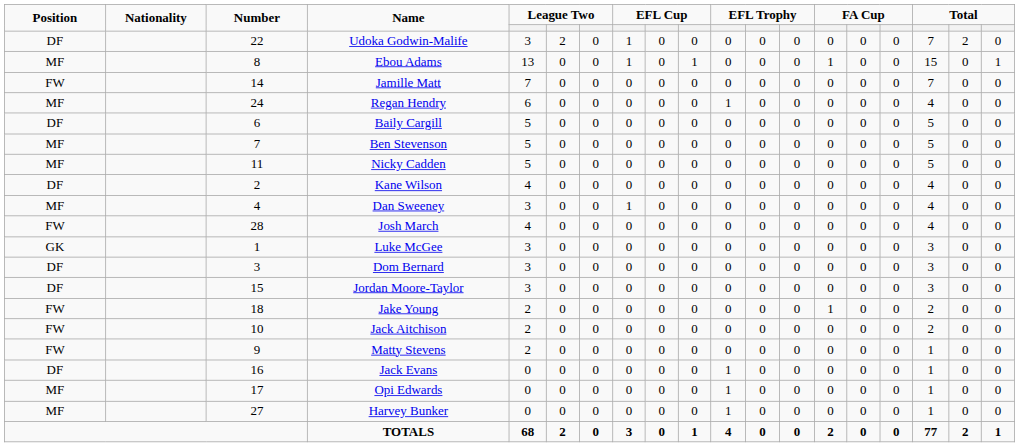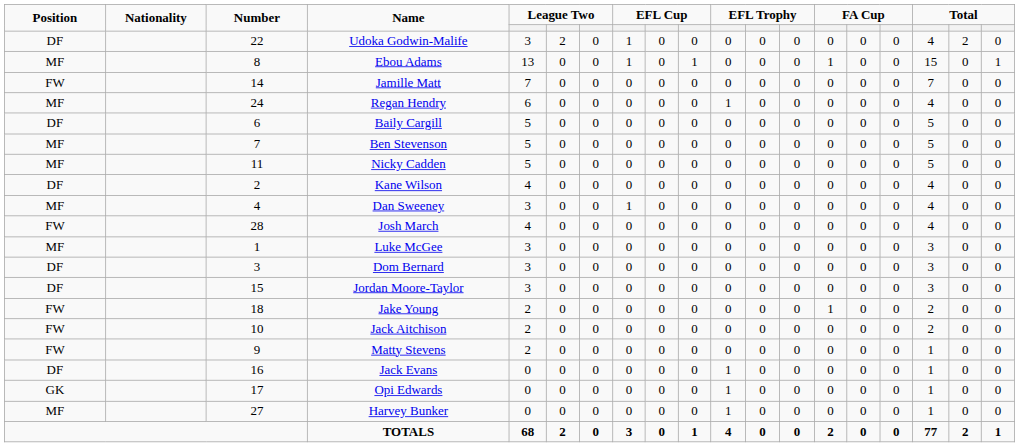 <table class="wikitable" style="font-size: 100%; text-align: center;">
 <tr>
 <td rowspan="2" width="10%" align="center"><strong>Position</strong></td>
 <td rowspan="2" width="10%" align="center"><strong>Nationality</strong></td>
 <td rowspan="2" width="10%" align="center"><strong>Number</strong></td>
 <td rowspan="2" width="20%" align="center"><strong>Name</strong></td>
 <td colspan="3" align="center"><strong>League Two</strong></td>
 <td colspan="3" align="center"><strong>EFL Cup</strong></td>
 <td colspan="3" align="center"><strong>EFL Trophy</strong></td>
 <td colspan="3" align="center"><strong>FA Cup</strong></td>
 <td colspan="3" align="center"><strong>Total</strong></td>
 </tr>
 <tr>
 <th width=60 style="background:"></th>
 <th width=60 style="background:"></th>
 <th width=60 style="background:"></th>
 <th width=60 style="background:"></th>
 <th width=60 style="background:"></th>
 <th width=60 style="background:"></th>
 <th width=60 style="background:"></th>
 <th width=60 style="background:"></th>
 <th width=60 style="background:"></th>
 <th width=60 style="background:"></th>
 <th width=60 style="background:"></th>
 <th width=60 style="background:"></th>
 <th width=60 style="background:"></th>
 <th width=60 style="background:"></th>
 <th width=60 style="background:"></th>
 </tr>
 <tr>
 <td>DF</td>
 <td></td>
 <td>22</td>
 <td><a href='#'>Udoka Godwin-Malife</a></td>
 <td>3</td>
 <td>2</td>
 <td>0</td>
 <td>1</td>
 <td>0</td>
 <td>0</td>
 <td>0</td>
 <td>0</td>
 <td>0</td>
 <td>0</td>
 <td>0</td>
 <td>0</td>
-<td>7</td>
+<td>4</td>
 <td>2</td>
 <td>0</td>
 </tr>
 <tr>
 <td>MF</td>
 <td></td>
 <td>8</td>
 <td><a href='#'>Ebou Adams</a></td>
 <td>13</td>
 <td>0</td>
 <td>0</td>
 <td>1</td>
 <td>0</td>
 <td>1</td>
 <td>0</td>
 <td>0</td>
 <td>0</td>
 <td>1</td>
 <td>0</td>
 <td>0</td>
 <td>15</td>
 <td>0</td>
 <td>1</td>
 </tr>
 <tr>
 <td>FW</td>
 <td></td>
 <td>14</td>
 <td><a href='#'>Jamille Matt</a></td>
 <td>7</td>
 <td>0</td>
 <td>0</td>
 <td>0</td>
 <td>0</td>
 <td>0</td>
 <td>0</td>
 <td>0</td>
 <td>0</td>
 <td>0</td>
 <td>0</td>
 <td>0</td>
 <td>7</td>
 <td>0</td>
 <td>0</td>
 </tr>
 <tr>
 <td>MF</td>
 <td></td>
 <td>24</td>
 <td><a href='#'>Regan Hendry</a></td>
 <td>6</td>
 <td>0</td>
 <td>0</td>
 <td>0</td>
 <td>0</td>
 <td>0</td>
 <td>1</td>
 <td>0</td>
 <td>0</td>
 <td>0</td>
 <td>0</td>
 <td>0</td>
 <td>4</td>
 <td>0</td>
 <td>0</td>
 </tr>
 <tr>
 <td>DF</td>
 <td></td>
 <td>6</td>
 <td><a href='#'>Baily Cargill</a></td>
 <td>5</td>
 <td>0</td>
 <td>0</td>
 <td>0</td>
 <td>0</td>
 <td>0</td>
 <td>0</td>
 <td>0</td>
 <td>0</td>
 <td>0</td>
 <td>0</td>
 <td>0</td>
 <td>5</td>
 <td>0</td>
 <td>0</td>
 </tr>
 <tr>
 <td>MF</td>
 <td></td>
 <td>7</td>
 <td><a href='#'>Ben Stevenson</a></td>
 <td>5</td>
 <td>0</td>
 <td>0</td>
 <td>0</td>
 <td>0</td>
 <td>0</td>
 <td>0</td>
 <td>0</td>
 <td>0</td>
 <td>0</td>
 <td>0</td>
 <td>0</td>
 <td>5</td>
 <td>0</td>
 <td>0</td>
 </tr>
 <tr>
 <td>MF</td>
 <td></td>
 <td>11</td>
 <td><a href='#'>Nicky Cadden</a></td>
 <td>5</td>
 <td>0</td>
 <td>0</td>
 <td>0</td>
 <td>0</td>
 <td>0</td>
 <td>0</td>
 <td>0</td>
 <td>0</td>
 <td>0</td>
 <td>0</td>
 <td>0</td>
 <td>5</td>
 <td>0</td>
 <td>0</td>
 </tr>
 <tr>
 <td>DF</td>
 <td></td>
 <td>2</td>
 <td><a href='#'>Kane Wilson</a></td>
 <td>4</td>
 <td>0</td>
 <td>0</td>
 <td>0</td>
 <td>0</td>
 <td>0</td>
 <td>0</td>
 <td>0</td>
 <td>0</td>
 <td>0</td>
 <td>0</td>
 <td>0</td>
 <td>4</td>
 <td>0</td>
 <td>0</td>
 </tr>
 <tr>
 <td>MF</td>
 <td></td>
 <td>4</td>
 <td><a href='#'>Dan Sweeney</a></td>
 <td>3</td>
 <td>0</td>
 <td>0</td>
 <td>1</td>
 <td>0</td>
 <td>0</td>
 <td>0</td>
 <td>0</td>
 <td>0</td>
 <td>0</td>
 <td>0</td>
 <td>0</td>
 <td>4</td>
 <td>0</td>
 <td>0</td>
 </tr>
 <tr>
 <td>FW</td>
 <td></td>
 <td>28</td>
 <td><a href='#'>Josh March</a></td>
 <td>4</td>
 <td>0</td>
 <td>0</td>
 <td>0</td>
 <td>0</td>
 <td>0</td>
 <td>0</td>
 <td>0</td>
 <td>0</td>
 <td>0</td>
 <td>0</td>
 <td>0</td>
 <td>4</td>
 <td>0</td>
 <td>0</td>
 </tr>
 <tr>
-<td>GK</td>
+<td>MF</td>
 <td></td>
 <td>1</td>
 <td><a href='#'>Luke McGee</a></td>
 <td>3</td>
 <td>0</td>
 <td>0</td>
 <td>0</td>
 <td>0</td>
 <td>0</td>
 <td>0</td>
 <td>0</td>
 <td>0</td>
 <td>0</td>
 <td>0</td>
 <td>0</td>
 <td>3</td>
 <td>0</td>
 <td>0</td>
 </tr>
 <tr>
 <td>DF</td>
 <td></td>
 <td>3</td>
 <td><a href='#'>Dom Bernard</a></td>
 <td>3</td>
 <td>0</td>
 <td>0</td>
 <td>0</td>
 <td>0</td>
 <td>0</td>
 <td>0</td>
 <td>0</td>
 <td>0</td>
 <td>0</td>
 <td>0</td>
 <td>0</td>
 <td>3</td>
 <td>0</td>
 <td>0</td>
 </tr>
 <tr>
 <td>DF</td>
 <td></td>
 <td>15</td>
 <td><a href='#'>Jordan Moore-Taylor</a></td>
 <td>3</td>
 <td>0</td>
 <td>0</td>
 <td>0</td>
 <td>0</td>
 <td>0</td>
 <td>0</td>
 <td>0</td>
 <td>0</td>
 <td>0</td>
 <td>0</td>
 <td>0</td>
 <td>3</td>
 <td>0</td>
 <td>0</td>
 </tr>
 <tr>
 <td>FW</td>
 <td></td>
 <td>18</td>
 <td><a href='#'>Jake Young</a></td>
 <td>2</td>
 <td>0</td>
 <td>0</td>
 <td>0</td>
 <td>0</td>
 <td>0</td>
 <td>0</td>
 <td>0</td>
 <td>0</td>
 <td>1</td>
 <td>0</td>
 <td>0</td>
 <td>2</td>
 <td>0</td>
 <td>0</td>
 </tr>
 <tr>
 <td>FW</td>
 <td></td>
 <td>10</td>
 <td><a href='#'>Jack Aitchison</a></td>
 <td>2</td>
 <td>0</td>
 <td>0</td>
 <td>0</td>
 <td>0</td>
 <td>0</td>
 <td>0</td>
 <td>0</td>
 <td>0</td>
 <td>0</td>
 <td>0</td>
 <td>0</td>
 <td>2</td>
 <td>0</td>
 <td>0</td>
 </tr>
 <tr>
 <td>FW</td>
 <td></td>
 <td>9</td>
 <td><a href='#'>Matty Stevens</a></td>
 <td>2</td>
 <td>0</td>
 <td>0</td>
 <td>0</td>
 <td>0</td>
 <td>0</td>
 <td>0</td>
 <td>0</td>
 <td>0</td>
 <td>0</td>
 <td>0</td>
 <td>0</td>
 <td>1</td>
 <td>0</td>
 <td>0</td>
 </tr>
 <tr>
 <td>DF</td>
 <td></td>
 <td>16</td>
 <td><a href='#'>Jack Evans</a></td>
 <td>0</td>
 <td>0</td>
 <td>0</td>
 <td>0</td>
 <td>0</td>
 <td>0</td>
 <td>1</td>
 <td>0</td>
 <td>0</td>
 <td>0</td>
 <td>0</td>
 <td>0</td>
 <td>1</td>
 <td>0</td>
 <td>0</td>
 </tr>
 <tr>
-<td>MF</td>
+<td>GK</td>
 <td></td>
 <td>17</td>
 <td><a href='#'>Opi Edwards</a></td>
 <td>0</td>
 <td>0</td>
 <td>0</td>
 <td>0</td>
 <td>0</td>
 <td>0</td>
 <td>1</td>
 <td>0</td>
 <td>0</td>
 <td>0</td>
 <td>0</td>
 <td>0</td>
 <td>1</td>
 <td>0</td>
 <td>0</td>
 </tr>
 <tr>
 <td>MF</td>
 <td></td>
 <td>27</td>
 <td><a href='#'>Harvey Bunker</a></td>
 <td>0</td>
 <td>0</td>
 <td>0</td>
 <td>0</td>
 <td>0</td>
 <td>0</td>
 <td>1</td>
 <td>0</td>
 <td>0</td>
 <td>0</td>
 <td>0</td>
 <td>0</td>
 <td>1</td>
 <td>0</td>
 <td>0</td>
 </tr>
 <tr>
 <td colspan="3"></td>
 <td><strong>TOTALS</strong></td>
 <td><strong>68</strong></td>
 <td><strong>2</strong></td>
 <td><strong>0</strong></td>
 <td><strong>3</strong></td>
 <td><strong>0</strong></td>
 <td><strong>1</strong></td>
 <td><strong>4</strong></td>
 <td><strong>0</strong></td>
 <td><strong>0</strong></td>
 <td><strong>2</strong></td>
 <td><strong>0</strong></td>
 <td><strong>0</strong></td>
 <td><strong>77</strong></td>
 <td><strong>2</strong></td>
 <td><strong>1</strong></td>
 </tr>
 </table>
